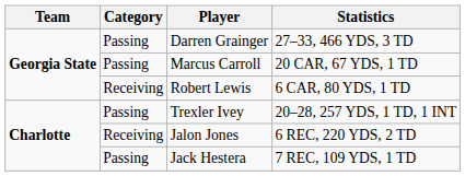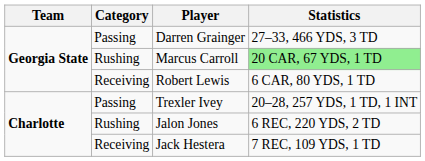 <table class="wikitable" style="float: right;">
 <tr>
 <th>Team</th>
 <th>Category</th>
 <th>Player</th>
 <th>Statistics</th>
 </tr>
 <tr>
 <td rowspan=3><strong>Georgia State</strong></td>
 <td>Passing</td>
 <td>Darren Grainger</td>
 <td>27–33, 466 YDS, 3 TD</td>
 </tr>
 <tr>
-<td>Passing</td>
+<td>Rushing</td>
 <td>Marcus Carroll</td>
-<td>20 CAR, 67 YDS, 1 TD</td>
+<td style="background: lightgreen;">20 CAR, 67 YDS, 1 TD</td>
 </tr>
 <tr>
 <td>Receiving</td>
 <td>Robert Lewis</td>
 <td>6 CAR, 80 YDS, 1 TD</td>
 </tr>
 <tr>
 <td rowspan=3><strong>Charlotte</strong></td>
 <td>Passing</td>
 <td>Trexler Ivey</td>
 <td>20–28, 257 YDS, 1 TD, 1 INT</td>
 </tr>
 <tr>
-<td>Receiving</td>
+<td>Rushing</td>
 <td>Jalon Jones</td>
 <td>6 REC, 220 YDS, 2 TD</td>
 </tr>
 <tr>
-<td>Passing</td>
+<td>Receiving</td>
 <td>Jack Hestera</td>
 <td>7 REC, 109 YDS, 1 TD</td>
 </tr>
 </table>
